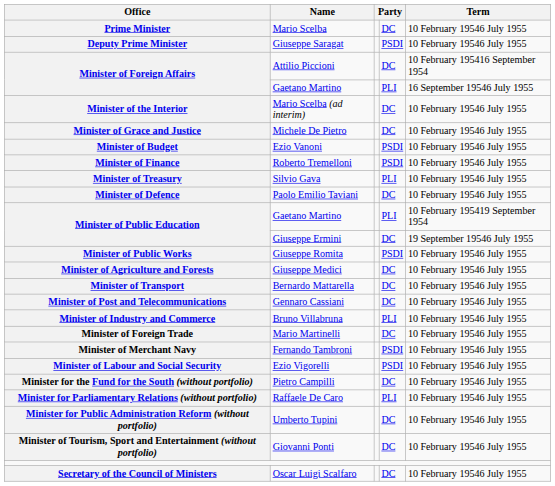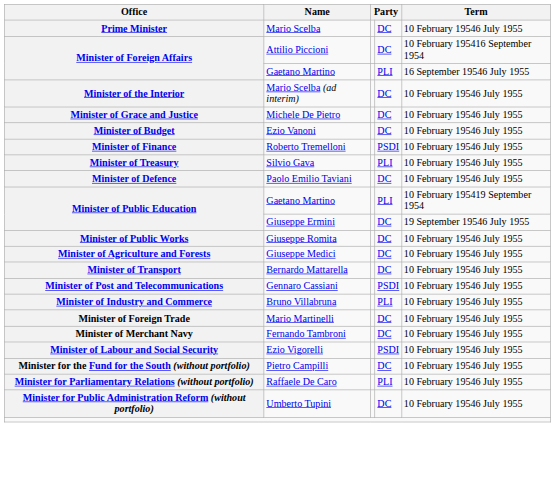 <table class="wikitable">
 <tr>
 <th>Office</th>
 <th>Name</th>
 <th colspan=2>Party</th>
 <th>Term</th>
 </tr>
 <tr>
 <th><a href='#'>Prime Minister</a></th>
 <td><a href='#'>Mario Scelba</a></td>
 <td></td>
 <td><a href='#'>DC</a></td>
-<td>10 February 19546 July 1955</td>
-</tr>
-<tr>
-<th><a href='#'>Deputy Prime Minister</a></th>
-<td><a href='#'>Giuseppe Saragat</a></td>
-<td></td>
-<td><a href='#'>PSDI</a></td>
 <td>10 February 19546 July 1955</td>
 </tr>
 <tr>
 <th rowspan=2><a href='#'>Minister of Foreign Affairs</a></th>
 <td><a href='#'>Attilio Piccioni</a></td>
 <td style="color:inherit;background:"></td>
 <td><a href='#'>DC</a></td>
 <td>10 February 195416 September 1954</td>
 </tr>
 <tr>
 <td><a href='#'>Gaetano Martino</a></td>
 <td style="color:inherit;background:"></td>
 <td><a href='#'>PLI</a></td>
 <td>16 September 19546 July 1955</td>
 </tr>
 <tr>
 <th><a href='#'>Minister of the Interior</a></th>
 <td><a href='#'>Mario Scelba</a> <em>(ad interim)</em></td>
 <td style="color:inherit;background:"></td>
 <td><a href='#'>DC</a></td>
 <td>10 February 19546 July 1955</td>
 </tr>
 <tr>
 <th><a href='#'>Minister of Grace and Justice</a></th>
 <td><a href='#'>Michele De Pietro</a></td>
 <td style="color:inherit;background:"></td>
 <td><a href='#'>DC</a></td>
 <td>10 February 19546 July 1955</td>
 </tr>
 <tr>
 <th><a href='#'>Minister of Budget</a></th>
 <td><a href='#'>Ezio Vanoni</a></td>
 <td></td>
-<td><a href='#'>PSDI</a></td>
+<td><a href='#'>DC</a></td>
 <td>10 February 19546 July 1955</td>
 </tr>
 <tr>
 <th><a href='#'>Minister of Finance</a></th>
 <td><a href='#'>Roberto Tremelloni</a></td>
 <td></td>
 <td><a href='#'>PSDI</a></td>
 <td>10 February 19546 July 1955</td>
 </tr>
 <tr>
 <th><a href='#'>Minister of Treasury</a></th>
 <td><a href='#'>Silvio Gava</a></td>
 <td></td>
 <td><a href='#'>PLI</a></td>
 <td>10 February 19546 July 1955</td>
 </tr>
 <tr>
 <th><a href='#'>Minister of Defence</a></th>
 <td><a href='#'>Paolo Emilio Taviani</a></td>
 <td style="color:inherit;background:"></td>
 <td><a href='#'>DC</a></td>
 <td>10 February 19546 July 1955</td>
 </tr>
 <tr>
 <th rowspan=2><a href='#'>Minister of Public Education</a></th>
 <td><a href='#'>Gaetano Martino</a></td>
 <td style="color:inherit;background:"></td>
 <td><a href='#'>PLI</a></td>
 <td>10 February 195419 September 1954</td>
 </tr>
 <tr>
 <td><a href='#'>Giuseppe Ermini</a></td>
 <td style="color:inherit;background:"></td>
 <td><a href='#'>DC</a></td>
 <td>19 September 19546 July 1955</td>
 </tr>
 <tr>
 <th><a href='#'>Minister of Public Works</a></th>
 <td><a href='#'>Giuseppe Romita</a></td>
 <td style="color:inherit;background:"></td>
-<td><a href='#'>PSDI</a></td>
+<td><a href='#'>DC</a></td>
 <td>10 February 19546 July 1955</td>
 </tr>
 <tr>
 <th><a href='#'>Minister of Agriculture and Forests</a></th>
 <td><a href='#'>Giuseppe Medici</a></td>
 <td style="color:inherit;background:"></td>
 <td><a href='#'>DC</a></td>
 <td>10 February 19546 July 1955</td>
 </tr>
 <tr>
 <th><a href='#'>Minister of Transport</a></th>
 <td><a href='#'>Bernardo Mattarella</a></td>
 <td style="color:inherit;background:"></td>
 <td><a href='#'>DC</a></td>
 <td>10 February 19546 July 1955</td>
 </tr>
 <tr>
 <th><a href='#'>Minister of Post and Telecommunications</a></th>
 <td><a href='#'>Gennaro Cassiani</a></td>
 <td style="color:inherit;background:"></td>
-<td><a href='#'>DC</a></td>
+<td><a href='#'>PSDI</a></td>
 <td>10 February 19546 July 1955</td>
 </tr>
 <tr>
 <th><a href='#'>Minister of Industry and Commerce</a></th>
 <td><a href='#'>Bruno Villabruna</a></td>
 <td style="color:inherit;background:"></td>
 <td><a href='#'>PLI</a></td>
 <td>10 February 19546 July 1955</td>
 </tr>
 <tr>
 <th>Minister of Foreign Trade</th>
 <td><a href='#'>Mario Martinelli</a></td>
 <td></td>
 <td><a href='#'>DC</a></td>
 <td>10 February 19546 July 1955</td>
 </tr>
 <tr>
 <th>Minister of Merchant Navy</th>
 <td><a href='#'>Fernando Tambroni</a></td>
 <td></td>
-<td><a href='#'>PSDI</a></td>
+<td><a href='#'>DC</a></td>
 <td>10 February 19546 July 1955</td>
 </tr>
 <tr>
 <th><a href='#'>Minister of Labour and Social Security</a></th>
 <td><a href='#'>Ezio Vigorelli</a></td>
 <td style="color:inherit;background:"></td>
 <td><a href='#'>PSDI</a></td>
 <td>10 February 19546 July 1955</td>
 </tr>
 <tr>
 <th>Minister for the <a href='#'>Fund for the South</a> <em>(without portfolio)</em></th>
 <td><a href='#'>Pietro Campilli</a></td>
 <td style="color:inherit;background:"></td>
 <td><a href='#'>DC</a></td>
 <td>10 February 19546 July 1955</td>
 </tr>
 <tr>
 <th><a href='#'>Minister for Parliamentary Relations</a> <em>(without portfolio)</em></th>
 <td><a href='#'>Raffaele De Caro</a></td>
 <td style="color:inherit;background:"></td>
 <td><a href='#'>PLI</a></td>
 <td>10 February 19546 July 1955</td>
 </tr>
 <tr>
 <th><a href='#'>Minister for Public Administration Reform</a> <em>(without portfolio)</em></th>
 <td><a href='#'>Umberto Tupini</a></td>
 <td style="color:inherit;background:"></td>
 <td><a href='#'>DC</a></td>
 <td>10 February 19546 July 1955</td>
 </tr>
 <tr>
-<th>Minister of Tourism, Sport and Entertainment <em>(without portfolio)</em></th>
-<td><a href='#'>Giovanni Ponti</a></td>
-<td style="color:inherit;background:"></td>
-<td><a href='#'>DC</a></td>
-<td>10 February 19546 July 1955</td>
-</tr>
-<tr>
 <td colspan="5"></td>
 </tr>
-<tr>
-<th><a href='#'>Secretary of the Council of Ministers</a></th>
-<td><a href='#'>Oscar Luigi Scalfaro</a></td>
-<td style="color:inherit;background:"></td>
-<td><a href='#'>DC</a></td>
-<td>10 February 19546 July 1955</td>
-</tr>
 </table>
